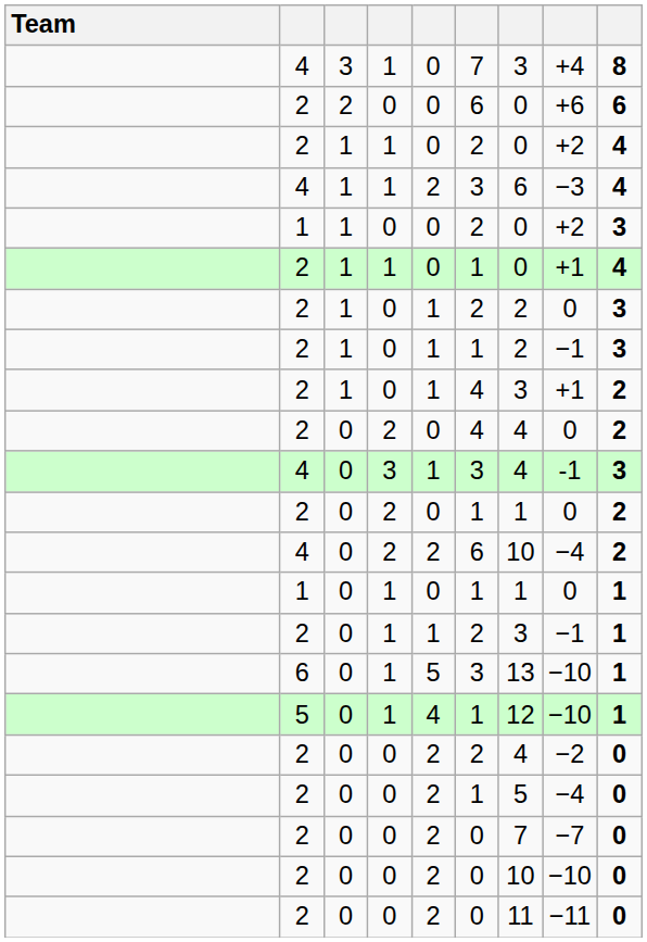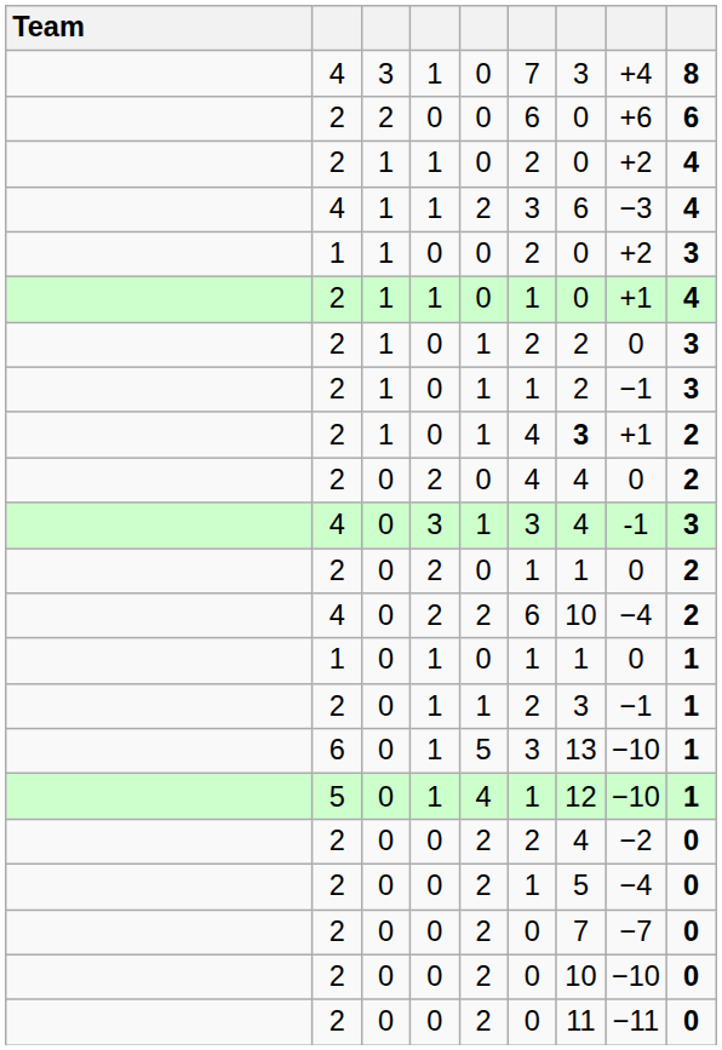 <table class="wikitable" style="text-align: center;">
 <tr>
 <th width=165 style="text-align:left;">Team</th>
 <th width=20></th>
 <th width=20></th>
 <th width=20></th>
 <th width=20></th>
 <th width=20></th>
 <th width=20></th>
 <th width=20></th>
 <th width=20></th>
 </tr>
 <tr>
 <td style="text-align:left;"></td>
 <td>4</td>
 <td>3</td>
 <td>1</td>
 <td>0</td>
 <td>7</td>
 <td>3</td>
 <td>+4</td>
 <td><strong>8</strong></td>
 </tr>
 <tr>
 <td style="text-align:left;"></td>
 <td>2</td>
 <td>2</td>
 <td>0</td>
 <td>0</td>
 <td>6</td>
 <td>0</td>
 <td>+6</td>
 <td><strong>6</strong></td>
 </tr>
 <tr>
 <td style="text-align:left;"></td>
 <td>2</td>
 <td>1</td>
 <td>1</td>
 <td>0</td>
 <td>2</td>
 <td>0</td>
 <td>+2</td>
 <td><strong>4</strong></td>
 </tr>
 <tr>
 <td style="text-align:left;"></td>
 <td>4</td>
 <td>1</td>
 <td>1</td>
 <td>2</td>
 <td>3</td>
 <td>6</td>
 <td>−3</td>
 <td><strong>4</strong></td>
 </tr>
 <tr>
 <td style="text-align:left;"></td>
 <td>1</td>
 <td>1</td>
 <td>0</td>
 <td>0</td>
 <td>2</td>
 <td>0</td>
 <td>+2</td>
 <td><strong>3</strong></td>
 </tr>
 <tr style="background:#ccffcc;">
 <td style="text-align:left;"></td>
 <td>2</td>
 <td>1</td>
 <td>1</td>
 <td>0</td>
 <td>1</td>
 <td>0</td>
 <td>+1</td>
 <td><strong>4</strong></td>
 </tr>
 <tr>
 <td style="text-align:left;"></td>
 <td>2</td>
 <td>1</td>
 <td>0</td>
 <td>1</td>
 <td>2</td>
 <td>2</td>
 <td>0</td>
 <td><strong>3</strong></td>
 </tr>
 <tr>
 <td style="text-align:left;"></td>
 <td>2</td>
 <td>1</td>
 <td>0</td>
 <td>1</td>
 <td>1</td>
 <td>2</td>
 <td>−1</td>
 <td><strong>3</strong></td>
 </tr>
 <tr>
 <td style="text-align:left;"></td>
 <td>2</td>
 <td>1</td>
 <td>0</td>
 <td>1</td>
 <td>4</td>
-<td>3</td>
+<td><strong>3</strong></td>
 <td>+1</td>
 <td><strong>2</strong></td>
 </tr>
 <tr>
 <td style="text-align:left;"></td>
 <td>2</td>
 <td>0</td>
 <td>2</td>
 <td>0</td>
 <td>4</td>
 <td>4</td>
 <td>0</td>
 <td><strong>2</strong></td>
 </tr>
 <tr style="background:#ccffcc;">
 <td style="text-align:left;"></td>
 <td>4</td>
 <td>0</td>
 <td>3</td>
 <td>1</td>
 <td>3</td>
 <td>4</td>
 <td>-1</td>
 <td><strong>3</strong></td>
 </tr>
 <tr>
 <td style="text-align:left;"></td>
 <td>2</td>
 <td>0</td>
 <td>2</td>
 <td>0</td>
 <td>1</td>
 <td>1</td>
 <td>0</td>
 <td><strong>2</strong></td>
 </tr>
 <tr>
 <td style="text-align:left;"></td>
 <td>4</td>
 <td>0</td>
 <td>2</td>
 <td>2</td>
 <td>6</td>
 <td>10</td>
 <td>−4</td>
 <td><strong>2</strong></td>
 </tr>
 <tr>
 <td style="text-align:left;"></td>
 <td>1</td>
 <td>0</td>
 <td>1</td>
 <td>0</td>
 <td>1</td>
 <td>1</td>
 <td>0</td>
 <td><strong>1</strong></td>
 </tr>
 <tr>
 <td style="text-align:left;"></td>
 <td>2</td>
 <td>0</td>
 <td>1</td>
 <td>1</td>
 <td>2</td>
 <td>3</td>
 <td>−1</td>
 <td><strong>1</strong></td>
 </tr>
 <tr>
 <td style="text-align:left;"></td>
 <td>6</td>
 <td>0</td>
 <td>1</td>
 <td>5</td>
 <td>3</td>
 <td>13</td>
 <td>−10</td>
 <td><strong>1</strong></td>
 </tr>
 <tr style="background:#ccffcc;">
 <td style="text-align:left;"></td>
 <td>5</td>
 <td>0</td>
 <td>1</td>
 <td>4</td>
 <td>1</td>
 <td>12</td>
 <td>−10</td>
 <td><strong>1</strong></td>
 </tr>
 <tr>
 <td style="text-align:left;"></td>
 <td>2</td>
 <td>0</td>
 <td>0</td>
 <td>2</td>
 <td>2</td>
 <td>4</td>
 <td>−2</td>
 <td><strong>0</strong></td>
 </tr>
 <tr>
 <td style="text-align:left;"></td>
 <td>2</td>
 <td>0</td>
 <td>0</td>
 <td>2</td>
 <td>1</td>
 <td>5</td>
 <td>−4</td>
 <td><strong>0</strong></td>
 </tr>
 <tr>
 <td style="text-align:left;"></td>
 <td>2</td>
 <td>0</td>
 <td>0</td>
 <td>2</td>
 <td>0</td>
 <td>7</td>
 <td>−7</td>
 <td><strong>0</strong></td>
 </tr>
 <tr>
 <td style="text-align:left;"></td>
 <td>2</td>
 <td>0</td>
 <td>0</td>
 <td>2</td>
 <td>0</td>
 <td>10</td>
 <td>−10</td>
 <td><strong>0</strong></td>
 </tr>
 <tr>
 <td style="text-align:left;"></td>
 <td>2</td>
 <td>0</td>
 <td>0</td>
 <td>2</td>
 <td>0</td>
 <td>11</td>
 <td>−11</td>
 <td><strong>0</strong></td>
 </tr>
 </table>
